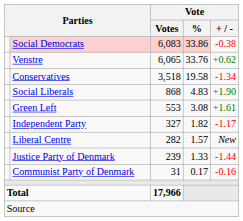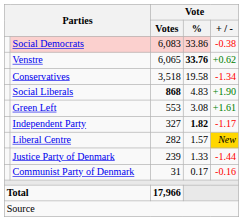 <table class="wikitable" style="text-align:right;">
 <tr>
 <th style="text-align:centre;" rowspan="2" colspan="2" width="225">Parties</th>
 <th colspan="3">Vote</th>
 </tr>
 <tr>
 <th width="15">Votes</th>
 <th width="15">%</th>
 <th width="15">+ / -</th>
 </tr>
 <tr>
 <td width="2" style="color:inherit;background:"></td>
 <td bgcolor=#fbd0ce  align="left"><a href='#'>Social Democrats</a></td>
 <td bgcolor=#fbd0ce>6,083</td>
 <td bgcolor=#fbd0ce>33.86</td>
 <td style=color:red;>-0.38</td>
 </tr>
 <tr>
 <td width="2" style="color:inherit;background:"></td>
 <td align="left"><a href='#'>Venstre</a></td>
 <td>6,065</td>
-<td>33.76</td>
+<td><strong>33.76</strong></td>
 <td style=color:green;>+0.62</td>
 </tr>
 <tr>
 <td width="2" style="color:inherit;background:"></td>
 <td align="left"><a href='#'>Conservatives</a></td>
 <td>3,518</td>
 <td>19.58</td>
 <td style=color:red;>-1.34</td>
 </tr>
 <tr>
 <td width="2" style="color:inherit;background:"></td>
 <td align="left"><a href='#'>Social Liberals</a></td>
-<td>868</td>
+<td><strong>868</strong></td>
 <td>4.83</td>
 <td style=color:green;>+1.90</td>
 </tr>
 <tr>
 <td width="2" style="color:inherit;background:"></td>
 <td align="left"><a href='#'>Green Left</a></td>
 <td>553</td>
 <td>3.08</td>
 <td style=color:green;>+1.61</td>
 </tr>
 <tr>
 <td width="2" style="color:inherit;background:"></td>
 <td align="left"><a href='#'>Independent Party</a></td>
 <td>327</td>
-<td>1.82</td>
+<td><strong>1.82</strong></td>
 <td style=color:red;>-1.17</td>
 </tr>
 <tr>
 <td width="2" style="color:inherit;background:"></td>
 <td align="left"><a href='#'>Liberal Centre</a></td>
 <td>282</td>
 <td>1.57</td>
-<td><em>New</em></td>
+<td style="background: gold;"><em>New</em></td>
 </tr>
 <tr>
 <td width="2" style="color:inherit;background:"></td>
 <td align="left"><a href='#'>Justice Party of Denmark</a></td>
 <td>239</td>
 <td>1.33</td>
 <td style=color:red;>-1.44</td>
 </tr>
 <tr>
 <td width="2" style="color:inherit;background:"></td>
 <td align="left"><a href='#'>Communist Party of Denmark</a></td>
 <td>31</td>
 <td>0.17</td>
 <td style=color:red;>-0.16</td>
 </tr>
 <tr>
 <td colspan="7" bgcolor="#E9E9E9"></td>
 </tr>
 <tr>
 <td align="left" colspan="2"><strong>Total</strong></td>
 <td><strong>17,966</strong></td>
 <td bgcolor="#E9E9E9" colspan="2"></td>
 </tr>
 <tr>
 <td align="left" colspan="6">Source</td>
 </tr>
 </table>
